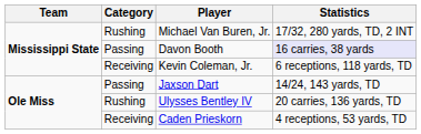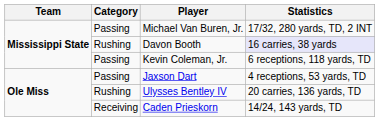 <table class="wikitable" style="float: right;">
 <tr>
 <th>Team</th>
 <th>Category</th>
 <th>Player</th>
 <th>Statistics</th>
 </tr>
 <tr>
 <td rowspan=3><strong>Mississippi State</strong></td>
-<td>Rushing</td>
+<td>Passing</td>
 <td>Michael Van Buren, Jr.</td>
 <td>17/32, 280 yards, TD, 2 INT</td>
 </tr>
 <tr>
-<td>Passing</td>
+<td>Rushing</td>
 <td>Davon Booth</td>
 <td style="background: lavender;">16 carries, 38 yards</td>
 </tr>
 <tr>
-<td>Receiving</td>
+<td>Passing</td>
 <td>Kevin Coleman, Jr.</td>
 <td>6 receptions, 118 yards, TD</td>
 </tr>
 <tr>
 <td rowspan=3><strong>Ole Miss</strong></td>
 <td>Passing</td>
 <td><a href='#'>Jaxson Dart</a></td>
-<td>14/24, 143 yards, TD</td>
+<td>4 receptions, 53 yards, TD</td>
 </tr>
 <tr>
 <td>Rushing</td>
 <td><a href='#'>Ulysses Bentley IV</a></td>
 <td>20 carries, 136 yards, TD</td>
 </tr>
 <tr>
 <td>Receiving</td>
 <td><a href='#'>Caden Prieskorn</a></td>
-<td>4 receptions, 53 yards, TD</td>
+<td>14/24, 143 yards, TD</td>
 </tr>
 </table>
